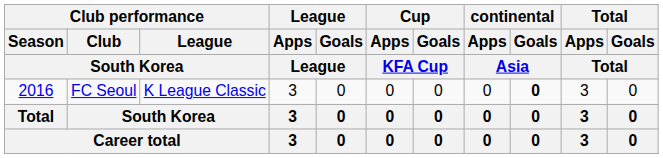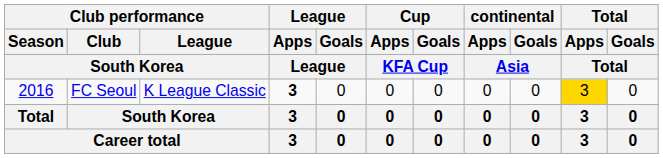 <table class="wikitable" style="text-align:center">
 <tr>
 <th colspan=3>Club performance</th>
 <th colspan=2>League</th>
 <th colspan=2>Cup</th>
 <th colspan=2>continental</th>
 <th colspan=2>Total</th>
 </tr>
 <tr>
 <th>Season</th>
 <th>Club</th>
 <th>League</th>
 <th>Apps</th>
 <th>Goals</th>
 <th>Apps</th>
 <th>Goals</th>
 <th>Apps</th>
 <th>Goals</th>
 <th>Apps</th>
 <th>Goals</th>
 </tr>
 <tr>
 <th colspan=3>South Korea</th>
 <th colspan=2>League</th>
 <th colspan=2><a href='#'>KFA Cup</a></th>
 <th colspan=2><a href='#'>Asia</a></th>
 <th colspan=2>Total</th>
 </tr>
 <tr>
 <td><a href='#'>2016</a></td>
 <td><a href='#'>FC Seoul</a></td>
 <td><a href='#'>K League Classic</a></td>
-<td>3</td>
+<td><strong>3</strong></td>
 <td>0</td>
 <td>0</td>
 <td>0</td>
 <td>0</td>
-<td><strong>0</strong></td>
-<td>3</td>
+<td>0</td>
+<td style="background: gold;">3</td>
 <td>0</td>
 </tr>
 <tr>
 <th>Total</th>
 <th colspan=2>South Korea</th>
 <th>3</th>
 <th>0</th>
 <th>0</th>
 <th>0</th>
 <th>0</th>
 <th>0</th>
 <th>3</th>
 <th>0</th>
 </tr>
 <tr>
 <th colspan=3>Career total</th>
 <th>3</th>
 <th>0</th>
 <th>0</th>
 <th>0</th>
 <th>0</th>
 <th>0</th>
 <th>3</th>
 <th>0</th>
 </tr>
 </table>
